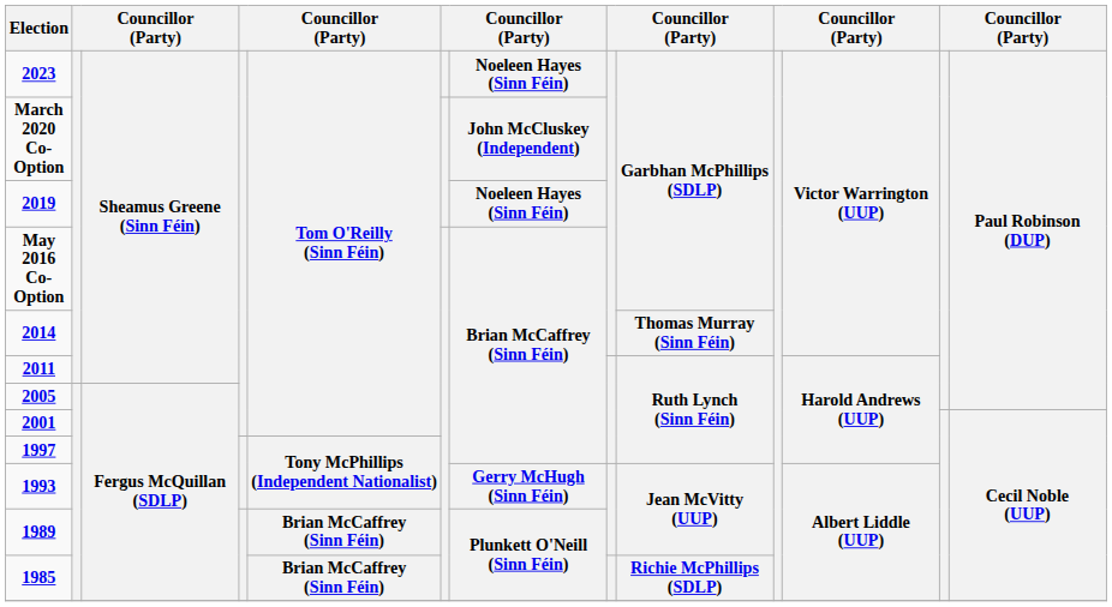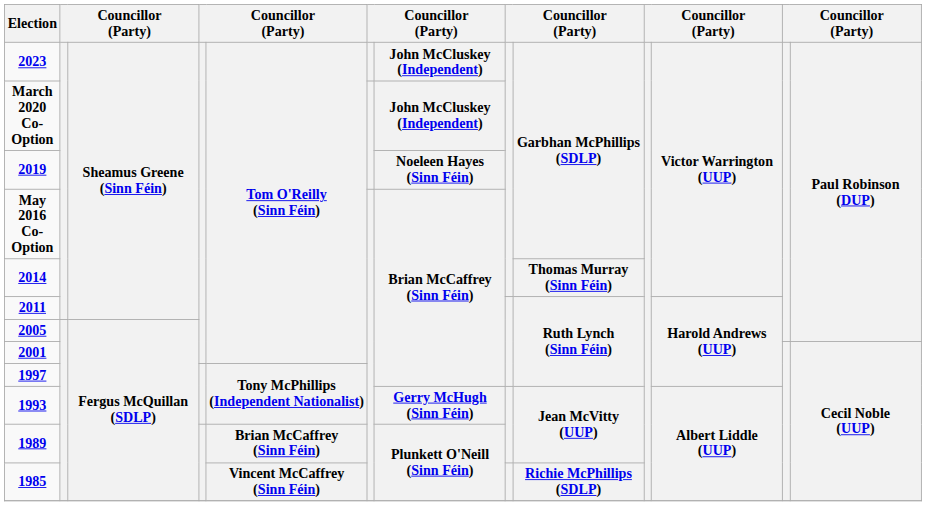 <table class="wikitable" style="text-align:center">
 <tr>
 <th scope="col" width="50">Election</th>
 <th scope="col" width="150" colspan = "2">Councillor<br> (Party)</th>
 <th scope="col" width="150" colspan = "2">Councillor<br> (Party)</th>
 <th scope="col" width="150" colspan = "2">Councillor<br> (Party)</th>
 <th scope="col" width="150" colspan = "2">Councillor<br> (Party)</th>
 <th scope="col" width="150" colspan = "2">Councillor<br> (Party)</th>
 <th scope="col" width="150" colspan = "2">Councillor<br> (Party)</th>
 </tr>
 <tr>
 <td><strong><a href='#'>2023</a></strong></td>
 <th rowspan="6" width="1" style="background-color: "></th>
 <th rowspan = "6">Sheamus Greene <br> (<a href='#'>Sinn Féin</a>)</th>
 <th rowspan="8" width="1" style="background-color: "></th>
 <th rowspan = "8"><a href='#'>Tom O'Reilly</a> <br> (<a href='#'>Sinn Féin</a>)</th>
 <th rowspan="1" width="1" style="background-color: "></th>
-<th rowspan = "1">Noeleen Hayes <br> (<a href='#'>Sinn Féin</a>)</th>
+<th rowspan = "1">John McCluskey <br> (<a href='#'>Independent</a>)</th>
 <th rowspan="5" width="1" style="background-color: "></th>
 <th rowspan = "4">Garbhan McPhillips <br> (<a href='#'>SDLP</a>)</th>
 <th rowspan="12" width="1" style="background-color: "></th>
 <th rowspan = "5">Victor Warrington <br> (<a href='#'>UUP</a>)</th>
 <th rowspan="7" width="1" style="background-color: "></th>
 <th rowspan = "7">Paul Robinson <br> (<a href='#'>DUP</a>)</th>
 </tr>
 <tr>
 <td><strong>March 2020 Co-Option</strong></td>
 <th rowspan="2" width="1" style="background-color: "></th>
 <th rowspan = "1">John McCluskey <br> (<a href='#'>Independent</a>)</th>
 </tr>
 <tr>
 <td><strong><a href='#'>2019</a></strong></td>
 <th rowspan = "1">Noeleen Hayes <br> (<a href='#'>Sinn Féin</a>)</th>
 </tr>
 <tr>
 <td><strong>May 2016 Co-Option</strong></td>
 <th rowspan="9" width="1" style="background-color: "></th>
 <th rowspan = "6">Brian McCaffrey <br> (<a href='#'>Sinn Féin</a>)</th>
 </tr>
 <tr>
 <td><strong><a href='#'>2014</a></strong></td>
 <th rowspan = "1">Thomas Murray <br> (<a href='#'>Sinn Féin</a>)</th>
 </tr>
 <tr>
 <td><strong><a href='#'>2011</a></strong></td>
 <th rowspan="4" width="1" style="background-color: "></th>
 <th rowspan = "4">Ruth Lynch <br> (<a href='#'>Sinn Féin</a>)</th>
 <th rowspan = "4">Harold Andrews <br> (<a href='#'>UUP</a>)</th>
 </tr>
 <tr>
 <td><strong><a href='#'>2005</a></strong></td>
 <th rowspan="6" width="1" style="background-color: "></th>
 <th rowspan = "6">Fergus McQuillan <br> (<a href='#'>SDLP</a>)</th>
 </tr>
 <tr>
 <td><strong><a href='#'>2001</a></strong></td>
 <th rowspan="5" width="1" style="background-color: "></th>
 <th rowspan = "5">Cecil Noble <br> (<a href='#'>UUP</a>)</th>
 </tr>
 <tr>
 <td><strong><a href='#'>1997</a></strong></td>
 <th rowspan="2" width="1" style="background-color: "></th>
 <th rowspan = "2">Tony McPhillips <br> (<a href='#'>Independent Nationalist</a>)</th>
 </tr>
 <tr>
 <td><strong><a href='#'>1993</a></strong></td>
 <th rowspan = "1"><a href='#'>Gerry McHugh</a> <br> (<a href='#'>Sinn Féin</a>)</th>
 <th rowspan="2" width="1" style="background-color: "></th>
 <th rowspan = "2">Jean McVitty <br> (<a href='#'>UUP</a>)</th>
 <th rowspan = "3">Albert Liddle <br> (<a href='#'>UUP</a>)</th>
 </tr>
 <tr>
 <td><strong><a href='#'>1989</a></strong></td>
 <th rowspan="2" width="1" style="background-color: "></th>
 <th rowspan = "1">Brian McCaffrey <br> (<a href='#'>Sinn Féin</a>)</th>
 <th rowspan = "2">Plunkett O'Neill <br> (<a href='#'>Sinn Féin</a>)</th>
 </tr>
 <tr>
 <td><strong><a href='#'>1985</a></strong></td>
-<th rowspan = "1">Brian McCaffrey <br> (<a href='#'>Sinn Féin</a>)</th>
+<th rowspan = "1">Vincent McCaffrey <br> (<a href='#'>Sinn Féin</a>)</th>
 <th rowspan="1" width="1" style="background-color: "></th>
 <th rowspan = "1"><a href='#'>Richie McPhillips</a> <br> (<a href='#'>SDLP</a>)</th>
 </tr>
 <tr>
 </tr>
 </table>
